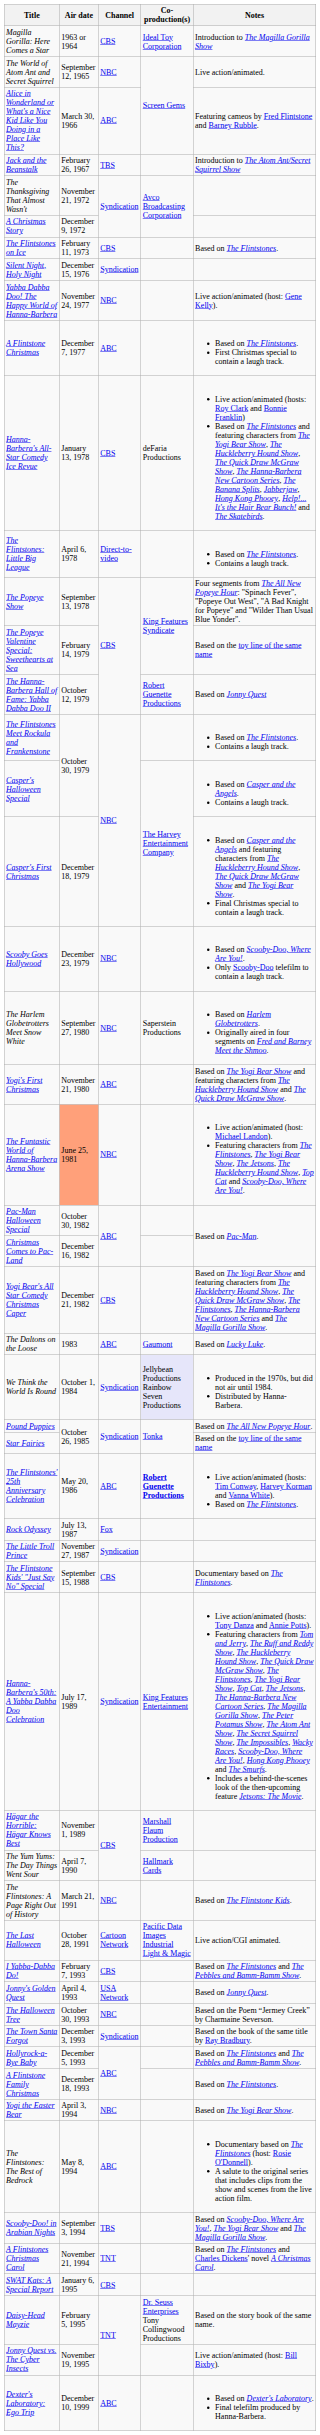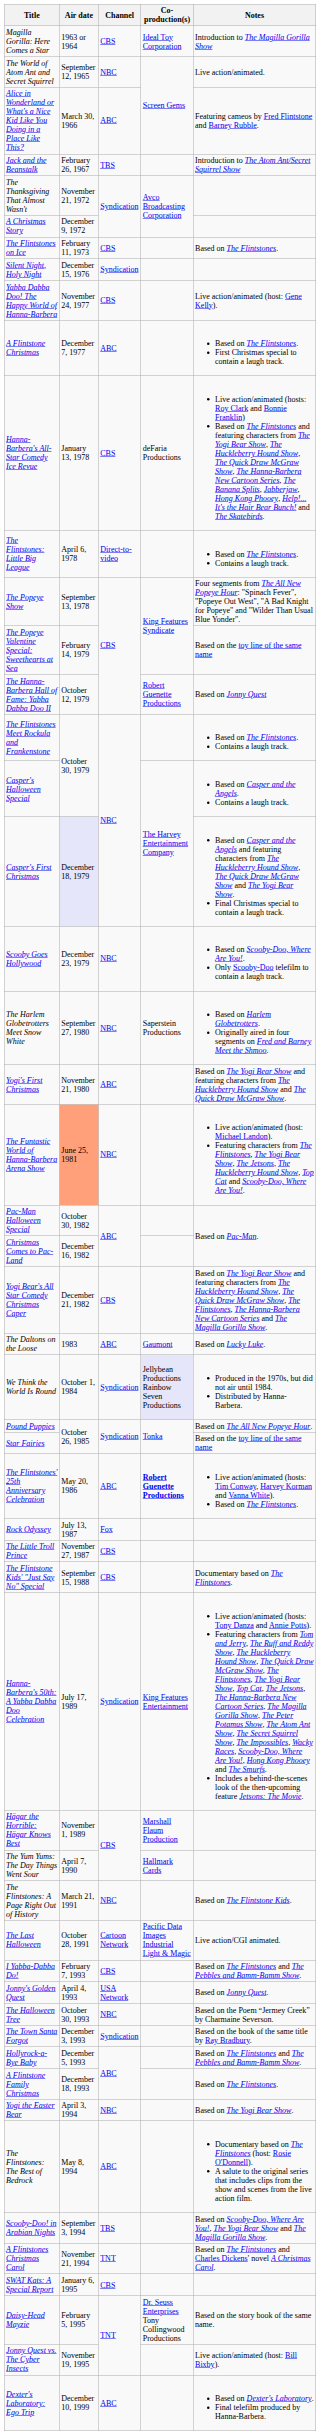 <table class="wikitable sortable collapsible" style="width:100%">
 <tr>
 <th><strong>Title</strong></th>
 <th><strong>Air date</strong></th>
 <th><strong>Channel</strong></th>
 <th><strong>Co-production(s)</strong></th>
 <th><strong>Notes</strong></th>
 </tr>
 <tr>
 <td><em>Magilla Gorilla: Here Comes a Star</em></td>
 <td>1963 or 1964</td>
 <td><a href='#'>CBS</a></td>
 <td><a href='#'>Ideal Toy Corporation</a></td>
 <td>Introduction to <em><a href='#'>The Magilla Gorilla Show</a></em></td>
 </tr>
 <tr>
 <td><em>The World of Atom Ant and Secret Squirrel</em></td>
 <td>September 12, 1965</td>
 <td><a href='#'>NBC</a></td>
 <td rowspan="2"><a href='#'>Screen Gems</a></td>
 <td>Live action/animated.</td>
 </tr>
 <tr>
 <td><em><a href='#'>Alice in Wonderland or What's a Nice Kid Like You Doing in a Place Like This?</a></em></td>
 <td>March 30, 1966</td>
 <td><a href='#'>ABC</a></td>
 <td>Featuring cameos by <a href='#'>Fred Flintstone</a> and <a href='#'>Barney Rubble</a>.</td>
 </tr>
 <tr>
 <td><em><a href='#'>Jack and the Beanstalk</a></em></td>
 <td>February 26, 1967</td>
 <td><a href='#'>TBS</a></td>
 <td></td>
 <td>Introduction to <em><a href='#'>The Atom Ant/Secret Squirrel Show</a></em></td>
 </tr>
 <tr>
 <td><em>The Thanksgiving That Almost Wasn't</em></td>
 <td>November 21, 1972</td>
 <td rowspan="2"><a href='#'>Syndication</a></td>
 <td rowspan="2"><a href='#'>Avco Broadcasting Corporation</a></td>
 <td></td>
 </tr>
 <tr>
 <td><em><a href='#'>A Christmas Story</a></em></td>
 <td>December 9, 1972</td>
 <td></td>
 </tr>
 <tr>
 <td><em><a href='#'>The Flintstones on Ice</a></em></td>
 <td>February 11, 1973</td>
 <td><a href='#'>CBS</a></td>
 <td></td>
 <td>Based on <em><a href='#'>The Flintstones</a></em>.</td>
 </tr>
 <tr>
 <td><em><a href='#'>Silent Night, Holy Night</a></em></td>
 <td>December 15, 1976</td>
 <td><a href='#'>Syndication</a></td>
 <td></td>
 <td></td>
 </tr>
 <tr>
 <td><em><a href='#'>Yabba Dabba Doo! The Happy World of Hanna-Barbera</a></em></td>
 <td>November 24, 1977</td>
-<td><a href='#'>NBC</a></td>
+<td><a href='#'>CBS</a></td>
 <td></td>
 <td>Live action/animated (host: <a href='#'>Gene Kelly</a>).</td>
 </tr>
 <tr>
 <td><em><a href='#'>A Flintstone Christmas</a></em></td>
 <td>December 7, 1977</td>
 <td><a href='#'>ABC</a></td>
 <td></td>
 <td><br><ul><li>Based on <em><a href='#'>The Flintstones</a></em>.</li><li>First Christmas special to contain a laugh track.</li></ul></td>
 </tr>
 <tr>
 <td><em><a href='#'>Hanna-Barbera's All-Star Comedy Ice Revue</a></em></td>
 <td>January 13, 1978</td>
 <td><a href='#'>CBS</a></td>
 <td>deFaria Productions</td>
 <td><br><ul><li>Live action/animated (hosts: <a href='#'>Roy Clark</a> and <a href='#'>Bonnie Franklin</a>)</li><li>Based on <em><a href='#'>The Flintstones</a></em> and featuring characters from <em><a href='#'>The Yogi Bear Show</a></em>, <em><a href='#'>The Huckleberry Hound Show</a></em>, <em><a href='#'>The Quick Draw McGraw Show</a></em>, <em><a href='#'>The Hanna-Barbera New Cartoon Series</a></em>, <em><a href='#'>The Banana Splits</a></em>, <em><a href='#'>Jabberjaw</a></em>, <em><a href='#'>Hong Kong Phooey</a></em>, <em><a href='#'>Help!... It's the Hair Bear Bunch!</a></em> and <em><a href='#'>The Skatebirds</a></em>.</li></ul></td>
 </tr>
 <tr>
 <td><em><a href='#'>The Flintstones: Little Big League</a></em></td>
 <td>April 6, 1978</td>
 <td><a href='#'>Direct-to-video</a></td>
 <td></td>
 <td><br><ul><li>Based on <em><a href='#'>The Flintstones</a></em>.</li><li>Contains a laugh track.</li></ul></td>
 </tr>
 <tr>
 <td><em><a href='#'>The Popeye Show</a></em></td>
 <td>September 13, 1978</td>
 <td rowspan="3"><a href='#'>CBS</a></td>
 <td rowspan="2"><a href='#'>King Features Syndicate</a></td>
 <td>Four segments from <em><a href='#'>The All New Popeye Hour</a></em>: "Spinach Fever", "Popeye Out West", "A Bad Knight for Popeye" and "Wilder Than Usual Blue Yonder".</td>
 </tr>
 <tr>
 <td><em><a href='#'>The Popeye Valentine Special: Sweethearts at Sea</a></em></td>
 <td>February 14, 1979</td>
 <td>Based on the <a href='#'>toy line of the same name</a></td>
 </tr>
 <tr>
 <td><em><a href='#'>The Hanna-Barbera Hall of Fame: Yabba Dabba Doo II</a></em></td>
 <td>October 12, 1979</td>
 <td><a href='#'>Robert Guenette Productions</a></td>
 <td>Based on <em><a href='#'>Jonny Quest</a></em></td>
 </tr>
 <tr>
 <td><em><a href='#'>The Flintstones Meet Rockula and Frankenstone</a></em></td>
 <td rowspan="2">October 30, 1979</td>
 <td rowspan="3"><a href='#'>NBC</a></td>
 <td></td>
 <td><br><ul><li>Based on <em><a href='#'>The Flintstones</a></em>.</li><li>Contains a laugh track.</li></ul></td>
 </tr>
 <tr>
 <td><em><a href='#'>Casper's Halloween Special</a></em></td>
 <td rowspan="2"><a href='#'>The Harvey Entertainment Company</a></td>
 <td><br><ul><li>Based on <em><a href='#'>Casper and the Angels</a></em>.</li><li>Contains a laugh track.</li></ul></td>
 </tr>
 <tr>
 <td><em><a href='#'>Casper's First Christmas</a></em></td>
-<td>December 18, 1979</td>
+<td style="background: lavender;">December 18, 1979</td>
 <td><br><ul><li>Based on <em><a href='#'>Casper and the Angels</a></em> and featuring characters from <em><a href='#'>The Huckleberry Hound Show</a></em>, <em><a href='#'>The Quick Draw McGraw Show</a></em> and <em><a href='#'>The Yogi Bear Show</a></em>.</li><li>Final Christmas special to contain a laugh track.</li></ul></td>
 </tr>
 <tr>
 <td><em><a href='#'>Scooby Goes Hollywood</a></em></td>
 <td>December 23, 1979</td>
 <td><a href='#'>NBC</a></td>
 <td></td>
 <td><br><ul><li>Based on <em><a href='#'>Scooby-Doo, Where Are You!</a></em>.</li><li>Only <a href='#'>Scooby-Doo</a> telefilm to contain a laugh track.</li></ul></td>
 </tr>
 <tr>
 <td><em>The Harlem Globetrotters Meet Snow White</em></td>
 <td>September 27, 1980</td>
 <td><a href='#'>NBC</a></td>
 <td>Saperstein Productions</td>
 <td><br><ul><li>Based on <em><a href='#'>Harlem Globetrotters</a></em>.</li><li>Originally aired in four segments on <em><a href='#'>Fred and Barney Meet the Shmoo</a></em>.</li></ul></td>
 </tr>
 <tr>
 <td><em><a href='#'>Yogi's First Christmas</a></em></td>
 <td>November 21, 1980</td>
 <td><a href='#'>ABC</a></td>
 <td></td>
 <td>Based on <em><a href='#'>The Yogi Bear Show</a></em> and featuring characters from <em><a href='#'>The Huckleberry Hound Show</a></em> and <em><a href='#'>The Quick Draw McGraw Show</a></em>.</td>
 </tr>
 <tr>
 <td><em><a href='#'>The Funtastic World of Hanna-Barbera Arena Show</a></em></td>
 <td style="background: lightsalmon;">June 25, 1981</td>
 <td><a href='#'>NBC</a></td>
 <td></td>
 <td><br><ul><li>Live action/animated (host: <a href='#'>Michael Landon</a>).</li><li>Featuring characters from <em><a href='#'>The Flintstones</a></em>, <em><a href='#'>The Yogi Bear Show</a></em>, <em><a href='#'>The Jetsons</a></em>, <em><a href='#'>The Huckleberry Hound Show</a></em>, <em><a href='#'>Top Cat</a></em> and <em><a href='#'>Scooby-Doo, Where Are You!</a></em>.</li></ul></td>
 </tr>
 <tr>
 <td><em><a href='#'>Pac-Man Halloween Special</a></em></td>
 <td>October 30, 1982</td>
 <td rowspan="2"><a href='#'>ABC</a></td>
 <td></td>
 <td rowspan="2">Based on <em><a href='#'>Pac-Man</a></em>.</td>
 </tr>
 <tr>
 <td><em><a href='#'>Christmas Comes to Pac-Land</a></em></td>
 <td>December 16, 1982</td>
 <td></td>
 </tr>
 <tr>
 <td><em><a href='#'>Yogi Bear's All Star Comedy Christmas Caper</a></em></td>
 <td>December 21, 1982</td>
 <td><a href='#'>CBS</a></td>
 <td></td>
 <td>Based on <em><a href='#'>The Yogi Bear Show</a></em> and featuring characters from <em><a href='#'>The Huckleberry Hound Show</a></em>, <em><a href='#'>The Quick Draw McGraw Show</a></em>, <em><a href='#'>The Flintstones</a></em>, <em><a href='#'>The Hanna-Barbera New Cartoon Series</a></em> and <em><a href='#'>The Magilla Gorilla Show</a></em>.</td>
 </tr>
 <tr>
 <td><em>The Daltons on the Loose</em></td>
 <td>1983</td>
 <td><a href='#'>ABC</a></td>
 <td><a href='#'>Gaumont</a></td>
 <td>Based on <em><a href='#'>Lucky Luke</a></em>.</td>
 </tr>
 <tr>
 <td><em>We Think the World Is Round</em></td>
 <td>October 1, 1984</td>
 <td><a href='#'>Syndication</a></td>
 <td style="background: lavender;">Jellybean Productions<br>Rainbow Seven Productions</td>
 <td><br><ul><li>Produced in the 1970s, but did not air until 1984.</li><li>Distributed by Hanna-Barbera.</li></ul></td>
 </tr>
 <tr>
 <td><em><a href='#'>Pound Puppies</a></em></td>
 <td rowspan="2">October 26, 1985</td>
 <td rowspan="2"><a href='#'>Syndication</a></td>
 <td rowspan="2"><a href='#'>Tonka</a></td>
 <td>Based on <em><a href='#'>The All New Popeye Hour</a></em>.</td>
 </tr>
 <tr>
 <td><em><a href='#'>Star Fairies</a></em></td>
 <td>Based on the <a href='#'>toy line of the same name</a></td>
 </tr>
 <tr>
 <td><em><a href='#'>The Flintstones' 25th Anniversary Celebration</a></em></td>
 <td>May 20, 1986</td>
 <td><a href='#'>ABC</a></td>
 <td><strong><a href='#'>Robert Guenette Productions</a></strong></td>
 <td><br><ul><li>Live action/animated (hosts: <a href='#'>Tim Conway</a>, <a href='#'>Harvey Korman</a> and <a href='#'>Vanna White</a>).</li><li>Based on <em><a href='#'>The Flintstones</a></em>.</li></ul></td>
 </tr>
 <tr>
 <td><em><a href='#'>Rock Odyssey</a></em></td>
 <td>July 13, 1987</td>
 <td><a href='#'>Fox</a></td>
 <td></td>
 <td></td>
 </tr>
 <tr>
 <td><em><a href='#'>The Little Troll Prince</a></em></td>
 <td>November 27, 1987</td>
-<td><a href='#'>Syndication</a></td>
+<td><a href='#'>CBS</a></td>
 <td></td>
 <td></td>
 </tr>
 <tr>
 <td><em><a href='#'>The Flintstone Kids' "Just Say No" Special</a></em></td>
 <td>September 15, 1988</td>
 <td><a href='#'>CBS</a></td>
 <td></td>
 <td>Documentary based on <em><a href='#'>The Flintstones</a></em>.</td>
 </tr>
 <tr>
 <td><em><a href='#'>Hanna-Barbera's 50th: A Yabba Dabba Doo Celebration</a></em></td>
 <td>July 17, 1989</td>
 <td><a href='#'>Syndication</a></td>
 <td><a href='#'>King Features Entertainment</a></td>
 <td><br><ul><li>Live action/animated (hosts: <a href='#'>Tony Danza</a> and <a href='#'>Annie Potts</a>).</li><li>Featuring characters from <em><a href='#'>Tom and Jerry</a></em>, <em><a href='#'>The Ruff and Reddy Show</a></em>, <em><a href='#'>The Huckleberry Hound Show</a></em>, <em><a href='#'>The Quick Draw McGraw Show</a></em>, <em><a href='#'>The Flintstones</a></em>, <em><a href='#'>The Yogi Bear Show</a></em>, <em><a href='#'>Top Cat</a></em>, <em><a href='#'>The Jetsons</a></em>, <em><a href='#'>The Hanna-Barbera New Cartoon Series</a></em>, <em><a href='#'>The Magilla Gorilla Show</a></em>, <em><a href='#'>The Peter Potamus Show</a></em>, <em><a href='#'>The Atom Ant Show</a></em>, <em><a href='#'>The Secret Squirrel Show</a></em>, <em><a href='#'>The Impossibles</a></em>, <em><a href='#'>Wacky Races</a></em>, <em><a href='#'>Scooby-Doo, Where Are You!</a></em>, <em><a href='#'>Hong Kong Phooey</a></em> and <em><a href='#'>The Smurfs</a></em>.</li><li>Includes a behind-the-scenes look of the then-upcoming feature <em><a href='#'>Jetsons: The Movie</a></em>.</li></ul></td>
 </tr>
 <tr>
 <td><em><a href='#'>Hägar the Horrible: Hägar Knows Best</a></em></td>
 <td>November 1, 1989</td>
 <td rowspan="2"><a href='#'>CBS</a></td>
 <td><a href='#'>Marshall Flaum Production</a></td>
 <td></td>
 </tr>
 <tr>
 <td><em>The Yum Yums: The Day Things Went Sour</em></td>
 <td>April 7, 1990</td>
 <td><a href='#'>Hallmark Cards</a></td>
 <td></td>
 </tr>
 <tr>
 <td><em>The Flintstones: A Page Right Out of History</em></td>
 <td>March 21, 1991</td>
 <td><a href='#'>NBC</a></td>
 <td></td>
 <td>Based on <em><a href='#'>The Flintstone Kids</a></em>.</td>
 </tr>
 <tr>
 <td><em><a href='#'>The Last Halloween</a></em></td>
 <td>October 28, 1991</td>
 <td><a href='#'>Cartoon Network</a></td>
 <td><a href='#'>Pacific Data Images</a><br><a href='#'>Industrial Light & Magic</a></td>
 <td>Live action/CGI animated.</td>
 </tr>
 <tr>
 <td><em><a href='#'>I Yabba-Dabba Do!</a></em></td>
 <td>February 7, 1993</td>
 <td><a href='#'>CBS</a></td>
 <td></td>
 <td>Based on <em><a href='#'>The Flintstones</a></em> and <em><a href='#'>The Pebbles and Bamm-Bamm Show</a></em>.</td>
 </tr>
 <tr>
 <td><em><a href='#'>Jonny's Golden Quest</a></em></td>
 <td>April 4, 1993</td>
 <td><a href='#'>USA Network</a></td>
 <td></td>
 <td>Based on <em><a href='#'>Jonny Quest</a></em>.</td>
 </tr>
 <tr>
 <td><em><a href='#'>The Halloween Tree</a></em></td>
 <td>October 30, 1993</td>
 <td><a href='#'>NBC</a></td>
 <td></td>
 <td>Based on the Poem “Jermey Creek” by Charmaine Severson.</td>
 </tr>
 <tr>
 <td><em><a href='#'>The Town Santa Forgot</a></em></td>
 <td>December 3, 1993</td>
 <td><a href='#'>Syndication</a></td>
 <td></td>
 <td>Based on the book of the same title by <a href='#'>Ray Bradbury</a>.</td>
 </tr>
 <tr>
 <td><em><a href='#'>Hollyrock-a-Bye Baby</a></em></td>
 <td>December 5, 1993</td>
 <td rowspan="2"><a href='#'>ABC</a></td>
 <td></td>
 <td>Based on <em><a href='#'>The Flintstones</a></em> and <em><a href='#'>The Pebbles and Bamm-Bamm Show</a></em>.</td>
 </tr>
 <tr>
 <td><em><a href='#'>A Flintstone Family Christmas</a></em></td>
 <td>December 18, 1993</td>
 <td></td>
 <td>Based on <em><a href='#'>The Flintstones</a></em>.</td>
 </tr>
 <tr>
 <td><em><a href='#'>Yogi the Easter Bear</a></em></td>
 <td>April 3, 1994</td>
 <td><a href='#'>NBC</a></td>
 <td></td>
 <td>Based on <em><a href='#'>The Yogi Bear Show</a></em>.</td>
 </tr>
 <tr>
 <td><em>The Flintstones: The Best of Bedrock</em></td>
 <td>May 8, 1994</td>
 <td><a href='#'>ABC</a></td>
 <td></td>
 <td><br><ul><li>Documentary based on <em><a href='#'>The Flintstones</a></em> (host: <a href='#'>Rosie O'Donnell</a>).</li><li>A salute to the original series that includes clips from the show and scenes from the live action film.</li></ul></td>
 </tr>
 <tr>
 <td><em><a href='#'>Scooby-Doo! in Arabian Nights</a></em></td>
 <td>September 3, 1994</td>
 <td><a href='#'>TBS</a></td>
 <td></td>
 <td>Based on <em><a href='#'>Scooby-Doo, Where Are You!</a></em>, <em><a href='#'>The Yogi Bear Show</a></em> and <em><a href='#'>The Magilla Gorilla Show</a></em>.</td>
 </tr>
 <tr>
 <td><em><a href='#'>A Flintstones Christmas Carol</a></em></td>
 <td>November 21, 1994</td>
 <td><a href='#'>TNT</a></td>
 <td></td>
 <td>Based on <em><a href='#'>The Flintstones</a></em> and <a href='#'>Charles Dickens</a>' novel <em><a href='#'>A Christmas Carol</a></em>.</td>
 </tr>
 <tr>
 <td><em><a href='#'>SWAT Kats: A Special Report</a></em></td>
 <td>January 6, 1995</td>
 <td><a href='#'>CBS</a></td>
 <td></td>
 <td></td>
 </tr>
 <tr>
 <td><em><a href='#'>Daisy-Head Mayzie</a></em></td>
 <td>February 5, 1995</td>
 <td rowspan="2"><a href='#'>TNT</a></td>
 <td><a href='#'>Dr. Seuss Enterprises</a><br>Tony Collingwood Productions</td>
 <td>Based on the story book of the same name.</td>
 </tr>
 <tr>
 <td><em><a href='#'>Jonny Quest vs. The Cyber Insects</a></em></td>
 <td>November 19, 1995</td>
 <td></td>
 <td>Live action/animated (host: <a href='#'>Bill Bixby</a>).</td>
 </tr>
 <tr>
 <td><em><a href='#'>Dexter's Laboratory: Ego Trip</a></em></td>
 <td>December 10, 1999</td>
 <td><a href='#'>ABC</a></td>
 <td></td>
 <td><br><ul><li>Based on <em><a href='#'>Dexter's Laboratory</a></em>.</li><li>Final telefilm produced by Hanna-Barbera.</li></ul></td>
 </tr>
 </table>
